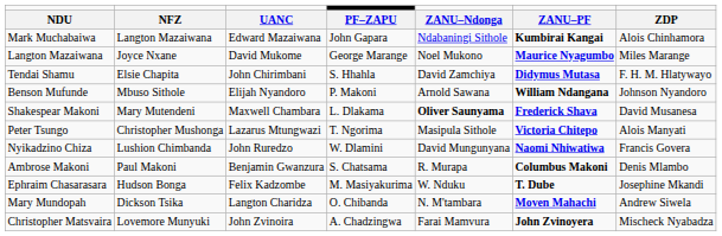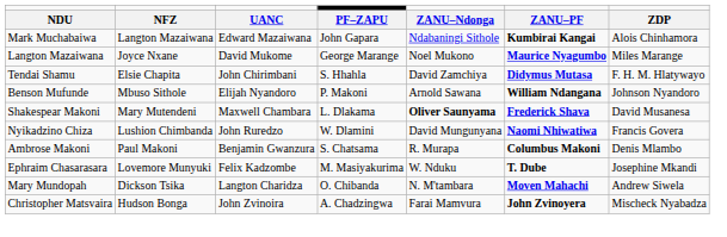 <table class="wikitable">
 <tr>
 <td></td>
 <td></td>
 <td style="background-color: "></td>
 <td style="background-color:#000000"></td>
 <td></td>
 <td style="background-color: "></td>
 <td></td>
 </tr>
 <tr>
 <th>NDU</th>
 <th>NFZ</th>
 <th><a href='#'>UANC</a></th>
 <th><a href='#'>PF–ZAPU</a></th>
 <th><a href='#'>ZANU–Ndonga</a></th>
 <th><a href='#'>ZANU–PF</a></th>
 <th>ZDP</th>
 </tr>
 <tr>
 <td>Mark Muchabaiwa</td>
 <td>Langton Mazaiwana</td>
 <td>Edward Mazaiwana</td>
 <td>John Gapara</td>
 <td><a href='#'>Ndabaningi Sithole</a></td>
 <td><strong>Kumbirai Kangai</strong></td>
 <td>Alois Chinhamora</td>
 </tr>
 <tr>
 <td>Langton Mazaiwana</td>
 <td>Joyce Nxane</td>
 <td>David Mukome</td>
 <td>George Marange</td>
 <td>Noel Mukono</td>
 <td><strong><a href='#'>Maurice Nyagumbo</a></strong></td>
 <td>Miles Marange</td>
 </tr>
 <tr>
 <td>Tendai Shamu</td>
 <td>Elsie Chapita</td>
 <td>John Chirimbani</td>
 <td>S. Hhahla</td>
 <td>David Zamchiya</td>
 <td><strong><a href='#'>Didymus Mutasa</a></strong></td>
 <td>F. H. M. Hlatywayo</td>
 </tr>
 <tr>
 <td>Benson Mufunde</td>
 <td>Mbuso Sithole</td>
 <td>Elijah Nyandoro</td>
 <td>P. Makoni</td>
 <td>Arnold Sawana</td>
 <td><strong>William Ndangana</strong></td>
 <td>Johnson Nyandoro</td>
 </tr>
 <tr>
 <td>Shakespear Makoni</td>
 <td>Mary Mutendeni</td>
 <td>Maxwell Chambara</td>
 <td>L. Dlakama</td>
 <td><strong>Oliver Saunyama</strong></td>
 <td><strong><a href='#'>Frederick Shava</a></strong></td>
 <td>David Musanesa</td>
 </tr>
 <tr>
-<td>Peter Tsungo</td>
-<td>Christopher Mushonga</td>
-<td>Lazarus Mtungwazi</td>
-<td>T. Ngorima</td>
-<td>Masipula Sithole</td>
-<td><strong><a href='#'>Victoria Chitepo</a></strong></td>
-<td>Alois Manyati</td>
-</tr>
-<tr>
 <td>Nyikadzino Chiza</td>
 <td>Lushion Chimbanda</td>
 <td>John Ruredzo</td>
 <td>W. Dlamini</td>
 <td>David Mungunyana</td>
 <td><strong><a href='#'>Naomi Nhiwatiwa</a></strong></td>
 <td>Francis Govera</td>
 </tr>
 <tr>
 <td>Ambrose Makoni</td>
 <td>Paul Makoni</td>
 <td>Benjamin Gwanzura</td>
 <td>S. Chatsama</td>
 <td>R. Murapa</td>
 <td><strong>Columbus Makoni</strong></td>
 <td>Denis Mlambo</td>
 </tr>
 <tr>
 <td>Ephraim Chasarasara</td>
-<td>Hudson Bonga</td>
+<td>Lovemore Munyuki</td>
 <td>Felix Kadzombe</td>
 <td>M. Masiyakurima</td>
 <td>W. Nduku</td>
 <td><strong>T. Dube</strong></td>
 <td>Josephine Mkandi</td>
 </tr>
 <tr>
 <td>Mary Mundopah</td>
 <td>Dickson Tsika</td>
 <td>Langton Charidza</td>
 <td>O. Chibanda</td>
 <td>N. M'tambara</td>
 <td><strong><a href='#'>Moven Mahachi</a></strong></td>
 <td>Andrew Siwela</td>
 </tr>
 <tr>
 <td>Christopher Matsvaira</td>
-<td>Lovemore Munyuki</td>
+<td>Hudson Bonga</td>
 <td>John Zvinoira</td>
 <td>A. Chadzingwa</td>
 <td>Farai Mamvura</td>
 <td><strong>John Zvinoyera</strong></td>
 <td>Mischeck Nyabadza</td>
 </tr>
 </table>
